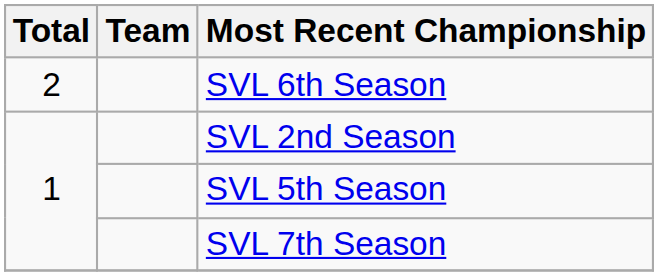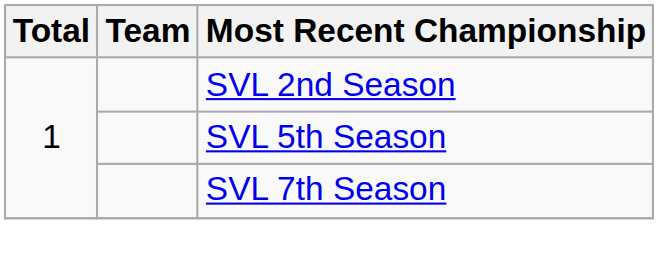 <table class="wikitable">
 <tr>
 <th>Total</th>
 <th>Team</th>
 <th>Most Recent Championship</th>
-</tr>
-<tr>
-<td style="text-align:center">2</td>
-<td></td>
-<td><a href='#'>SVL 6th Season</a></td>
 </tr>
 <tr>
 <td rowspan=3 style="text-align:center">1</td>
 <td></td>
 <td><a href='#'>SVL 2nd Season</a></td>
 </tr>
 <tr>
 <td></td>
 <td><a href='#'>SVL 5th Season</a></td>
 </tr>
 <tr>
 <td></td>
 <td><a href='#'>SVL 7th Season</a></td>
 </tr>
 <tr>
 </tr>
 </table>
